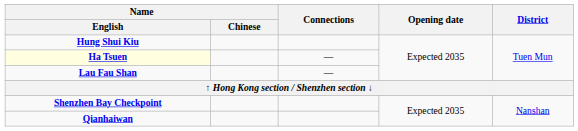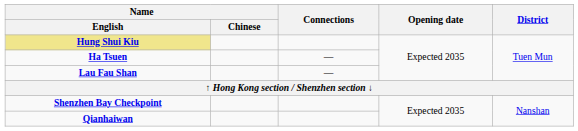 <table class="wikitable" style="width: 75%; margin: 0.5em auto; text-align: center">
 <tr>
 <th colspan="2">Name</th>
 <th rowspan="2">Connections</th>
 <th rowspan="2">Opening date</th>
 <th rowspan="2"><a href='#'>District</a></th>
 </tr>
 <tr>
 <th>English</th>
 <th>Chinese</th>
 </tr>
 <tr>
-<td><a href='#'><strong>Hung Shui Kiu</strong></a></td>
+<td style="background: khaki;"><a href='#'><strong>Hung Shui Kiu</strong></a></td>
 <td></td>
 <td></td>
 <td rowspan="3">Expected 2035</td>
 <td rowspan="3"><a href='#'>Tuen Mun</a></td>
 </tr>
 <tr>
-<td style="background: lightyellow;"><a href='#'><strong>Ha Tsuen</strong></a></td>
+<td><a href='#'><strong>Ha Tsuen</strong></a></td>
 <td></td>
 <td>—</td>
 </tr>
 <tr>
 <td><a href='#'><strong>Lau Fau Shan</strong></a></td>
 <td></td>
 <td>—</td>
 </tr>
 <tr>
 <th colspan="5"><em>↑ Hong Kong section / Shenzhen section ↓</em></th>
 </tr>
 <tr>
 <td><a href='#'><strong>Shenzhen Bay Checkpoint</strong></a></td>
 <td></td>
 <td></td>
 <td rowspan="2">Expected 2035</td>
 <td rowspan="2"><a href='#'>Nanshan</a></td>
 </tr>
 <tr>
 <td><a href='#'><strong>Qianhaiwan</strong></a></td>
 <td></td>
 <td>  </td>
 </tr>
 </table>
